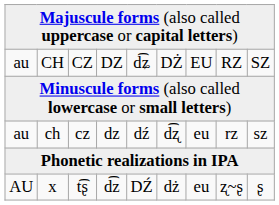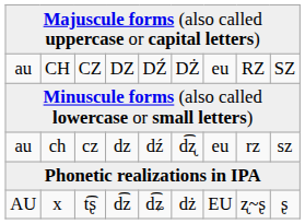 <table class="wikitable" style="text-align:center; margin-left: auto; margin-right: auto; border: none;">
 <tr>
 <td colspan="35" bgcolor="#EFEFEF"><strong><a href='#'>Majuscule forms</a></strong> (also called <strong>uppercase</strong> or <strong>capital letters</strong>)</td>
 </tr>
 <tr>
 <td>au</td>
 <td width="15">CH</td>
 <td width="15">CZ</td>
 <td width="15">DZ</td>
-<td>d͡ʑ</td>
+<td width="15">DŹ</td>
 <td width="15">DŻ</td>
-<td width="15">EU</td>
+<td>eu</td>
 <td width="15">RZ</td>
 <td width="15">SZ</td>
 </tr>
 <tr>
 <td colspan="35" bgcolor="#EFEFEF"><strong><a href='#'>Minuscule forms</a></strong> (also called <strong>lowercase</strong> or <strong>small letters</strong>)</td>
 </tr>
 <tr>
 <td>au</td>
 <td>ch</td>
 <td>cz</td>
 <td>dz</td>
 <td>dź</td>
 <td>d͡ʐ</td>
 <td>eu</td>
 <td>rz</td>
 <td>sz</td>
 </tr>
 <tr>
 <td colspan="35" bgcolor="#EFEFEF"><strong>Phonetic realizations in IPA</strong></td>
 </tr>
 <tr>
 <td width="15">AU</td>
 <td>x</td>
 <td>t͡ʂ</td>
 <td>d͡z</td>
-<td width="15">DŹ</td>
+<td>d͡ʑ</td>
 <td>dż</td>
-<td>eu</td>
+<td width="15">EU</td>
 <td>ʐ~ʂ</td>
 <td>ʂ</td>
 </tr>
 </table>
